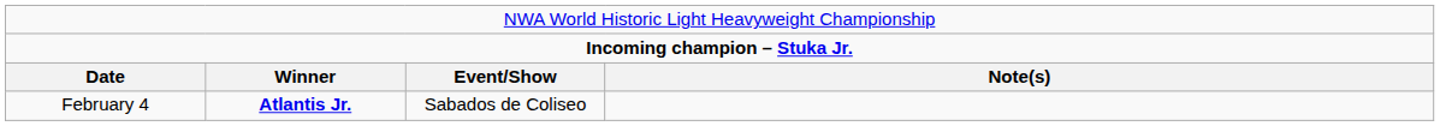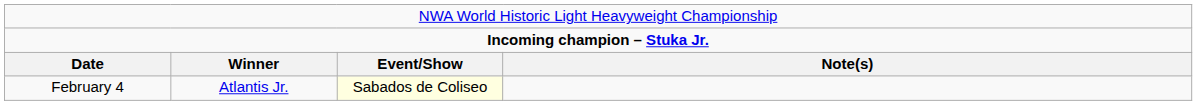 <table class="wikitable" style="text-align:center; width:100%;">
 <tr>
 <td colspan="5" style="text-align: center;"><a href='#'>NWA World Historic Light Heavyweight Championship</a></td>
 </tr>
 <tr>
 <td colspan="5" style="text-align: center;"><strong>Incoming champion – <a href='#'>Stuka Jr.</a></strong></td>
 </tr>
 <tr>
 <th width=14%>Date</th>
 <th width=14%>Winner</th>
 <th width=14%>Event/Show</th>
 <th width=58%>Note(s)</th>
 </tr>
 <tr>
 <td>February 4</td>
-<td><strong><a href='#'>Atlantis Jr.</a></strong></td>
-<td>Sabados de Coliseo</td>
+<td><a href='#'>Atlantis Jr.</a></td>
+<td style="background: lightyellow;">Sabados de Coliseo</td>
 <td></td>
 </tr>
 </table>
